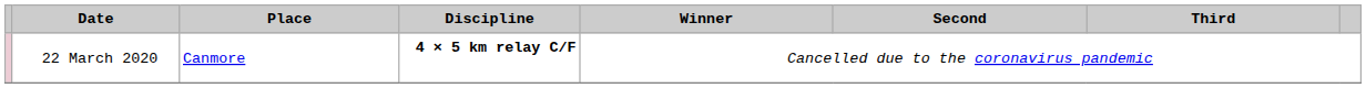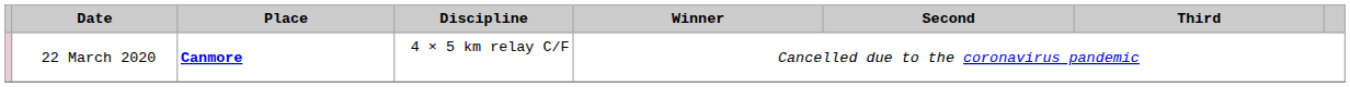 <table class="wikitable plainrowheaders" style="background:#fff; font-size:86%; line-height:16px; border:grey solid 1px; border-collapse:collapse;">
 <tr style="background:#ccc; text-align:center;">
 <th scope="col" style="background:#ccc; width=20 px;"></th>
 <th scope="col" style="background:#ccc; width:120px;">Date</th>
 <th scope="col" style="background:#ccc; width:160px;">Place</th>
 <th scope="col" style="background:#ccc; width:130px;">Discipline</th>
 <th scope="col" style="background:#ccc; width:185px;">Winner</th>
 <th scope="col" style="background:#ccc; width:185px;">Second</th>
 <th scope="col" style="background:#ccc; width:185px;">Third</th>
 <th scope="col" style="background:#ccc; width:10px;"></th>
 </tr>
 <tr>
 <td align=center bgcolor="EDCCD5"></td>
 <td align=right>22 March 2020  </td>
-<td> <a href='#'>Canmore</a></td>
-<td align=right><strong>4 × 5 km relay C/F  </strong></td>
+<td><strong> <a href='#'>Canmore</a></strong></td>
+<td align=right>4 × 5 km relay C/F  </td>
 <td colspan=5 align=center><em>Cancelled due to the <a href='#'>coronavirus pandemic</a></em></td>
 </tr>
 <tr>
 </tr>
 </table>
